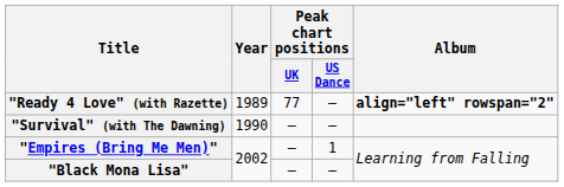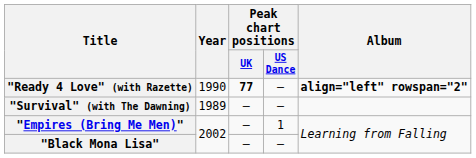 <table class="wikitable plainrowheaders" style="text-align:center;">
 <tr>
 <th rowspan="2">Title</th>
 <th rowspan="2">Year</th>
 <th colspan="2">Peak chart positions</th>
 <th rowspan="2">Album</th>
 </tr>
 <tr>
 <th style="width:3em;font-size:85%"><a href='#'>UK</a><br></th>
 <th style="width:3em;font-size:85%"><a href='#'>US<br>Dance</a><br></th>
 </tr>
 <tr>
 <th scope="row">"Ready 4 Love" <small>(with Razette)</small></th>
-<td style="text-align:center;">1989</td>
-<td style="text-align:center;">77</td>
+<td style="text-align:center;">1990</td>
+<td style="text-align:center;"><strong>77</strong></td>
 <td style="text-align:center;">—</td>
 <td><strong>align="left" rowspan="2" </strong></td>
 </tr>
 <tr>
 <th scope="row">"Survival" <small>(with The Dawning)</small></th>
-<td style="text-align:center;">1990</td>
+<td style="text-align:center;">1989</td>
 <td style="text-align:center;">—</td>
 <td style="text-align:center;">—</td>
 </tr>
 <tr>
 <th scope="row">"<a href='#'>Empires (Bring Me Men)</a>"</th>
 <td style="text-align:center;"  rowspan="2">2002</td>
 <td style="text-align:center;">—</td>
 <td style="text-align:center;">1</td>
 <td style="text-align:left;" rowspan="2"><em>Learning from Falling</em></td>
 </tr>
 <tr>
 <th scope="row">"Black Mona Lisa"</th>
 <td style="text-align:center;">—</td>
 <td style="text-align:center;">—</td>
 </tr>
 </table>
